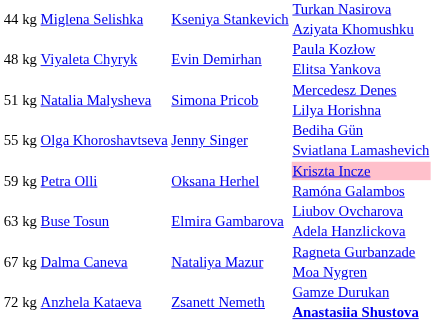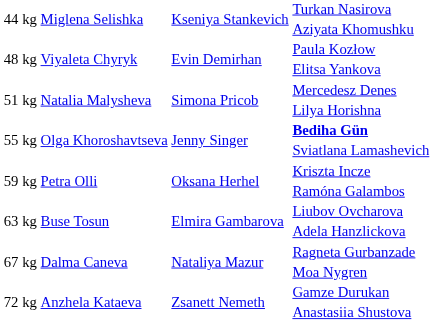 <table>
 <tr>
 <td rowspan=2>44 kg</td>
 <td rowspan=2> <a href='#'>Miglena Selishka</a></td>
 <td rowspan=2> <a href='#'>Kseniya Stankevich</a></td>
 <td> <a href='#'>Turkan Nasirova</a></td>
 </tr>
 <tr>
 <td> <a href='#'>Aziyata Khomushku</a></td>
 </tr>
 <tr>
 <td rowspan=2>48 kg</td>
 <td rowspan=2> <a href='#'>Viyaleta Chyryk</a></td>
 <td rowspan=2> <a href='#'>Evin Demirhan</a></td>
 <td> <a href='#'>Paula Kozłow</a></td>
 </tr>
 <tr>
 <td> <a href='#'>Elitsa Yankova</a></td>
 </tr>
 <tr>
 <td rowspan=2>51 kg</td>
 <td rowspan=2> <a href='#'>Natalia Malysheva</a></td>
 <td rowspan=2> <a href='#'>Simona Pricob</a></td>
 <td> <a href='#'>Mercedesz Denes</a></td>
 </tr>
 <tr>
 <td> <a href='#'>Lilya Horishna</a></td>
 </tr>
 <tr>
 <td rowspan=2>55 kg</td>
 <td rowspan=2> <a href='#'>Olga Khoroshavtseva</a></td>
 <td rowspan=2> <a href='#'>Jenny Singer</a></td>
-<td> <a href='#'>Bediha Gün</a></td>
+<td><strong> <a href='#'>Bediha Gün</a></strong></td>
 </tr>
 <tr>
 <td> <a href='#'>Sviatlana Lamashevich</a></td>
 </tr>
 <tr>
 <td rowspan=2>59 kg</td>
 <td rowspan=2> <a href='#'>Petra Olli</a></td>
 <td rowspan=2> <a href='#'>Oksana Herhel</a></td>
-<td style="background: pink;"> <a href='#'>Kriszta Incze</a></td>
+<td> <a href='#'>Kriszta Incze</a></td>
 </tr>
 <tr>
 <td> <a href='#'>Ramóna Galambos</a></td>
 </tr>
 <tr>
 <td rowspan=2>63 kg</td>
 <td rowspan=2> <a href='#'>Buse Tosun</a></td>
 <td rowspan=2> <a href='#'>Elmira Gambarova</a></td>
 <td> <a href='#'>Liubov Ovcharova</a></td>
 </tr>
 <tr>
 <td> <a href='#'>Adela Hanzlickova</a></td>
 </tr>
 <tr>
 <td rowspan=2>67 kg</td>
 <td rowspan=2> <a href='#'>Dalma Caneva</a></td>
 <td rowspan=2> <a href='#'>Nataliya Mazur</a></td>
 <td> <a href='#'>Ragneta Gurbanzade</a></td>
 </tr>
 <tr>
 <td> <a href='#'>Moa Nygren</a></td>
 </tr>
 <tr>
 <td rowspan=2>72 kg</td>
 <td rowspan=2> <a href='#'>Anzhela Kataeva</a></td>
 <td rowspan=2> <a href='#'>Zsanett Nemeth</a></td>
 <td> <a href='#'>Gamze Durukan</a></td>
 </tr>
 <tr>
-<td><strong> <a href='#'>Anastasiia Shustova</a></strong></td>
+<td> <a href='#'>Anastasiia Shustova</a></td>
 </tr>
 </table>
